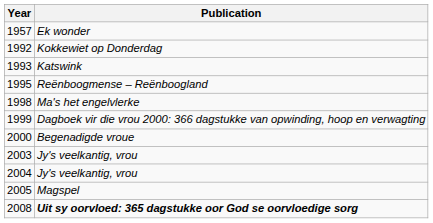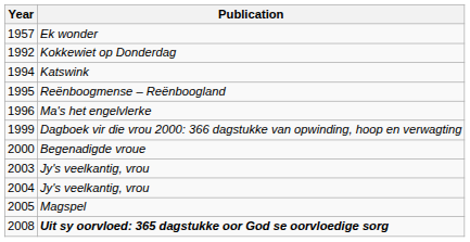 <table class="wikitable">
 <tr>
 <th>Year</th>
 <th>Publication</th>
 </tr>
 <tr>
 <td>1957</td>
 <td><em>Ek wonder</em></td>
 </tr>
 <tr>
 <td>1992</td>
 <td><em>Kokkewiet op Donderdag</em></td>
 </tr>
 <tr>
-<td>1993</td>
+<td>1994</td>
 <td><em>Katswink</em></td>
 </tr>
 <tr>
 <td>1995</td>
 <td><em>Reënboogmense – Reënboogland</em></td>
 </tr>
 <tr>
-<td>1998</td>
+<td>1996</td>
 <td><em>Ma's het engelvlerke</em></td>
 </tr>
 <tr>
 <td>1999</td>
 <td><em>Dagboek vir die vrou 2000: 366 dagstukke van opwinding, hoop en verwagting</em></td>
 </tr>
 <tr>
 <td>2000</td>
 <td><em>Begenadigde vroue</em></td>
 </tr>
 <tr>
 <td>2003</td>
 <td><em>Jy's veelkantig, vrou</em></td>
 </tr>
 <tr>
 <td>2004</td>
 <td><em>Jy's veelkantig, vrou</em></td>
 </tr>
 <tr>
 <td>2005</td>
 <td><em>Magspel</em></td>
 </tr>
 <tr>
 <td>2008</td>
 <td><strong><em>Uit sy oorvloed: 365 dagstukke oor God se oorvloedige sorg</em></strong></td>
 </tr>
 </table>
